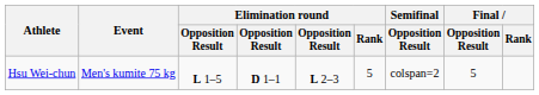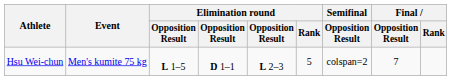 <table class=wikitable style=font-size:90%;text-align:center>
 <tr>
 <th rowspan=2>Athlete</th>
 <th rowspan=2>Event</th>
 <th colspan=4>Elimination round</th>
 <th>Semifinal</th>
 <th colspan=2>Final / </th>
 </tr>
 <tr style=font-size:95%>
 <th>Opposition<br>Result</th>
 <th>Opposition<br>Result</th>
 <th>Opposition<br>Result</th>
 <th>Rank</th>
 <th>Opposition<br>Result</th>
 <th>Opposition<br>Result</th>
 <th>Rank</th>
 </tr>
 <tr>
 <td align=left><a href='#'>Hsu Wei-chun</a></td>
 <td align=left><a href='#'>Men's kumite 75 kg</a></td>
 <td><br><strong>L</strong> 1–5</td>
 <td><br><strong>D</strong> 1–1</td>
 <td><br><strong>L</strong> 2–3</td>
 <td>5</td>
 <td>colspan=2 </td>
-<td>5</td>
+<td>7</td>
 </tr>
 </table>
